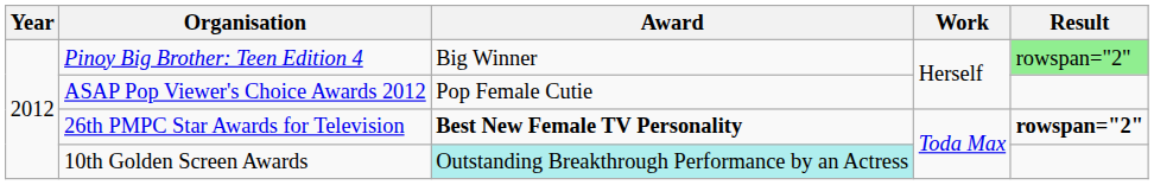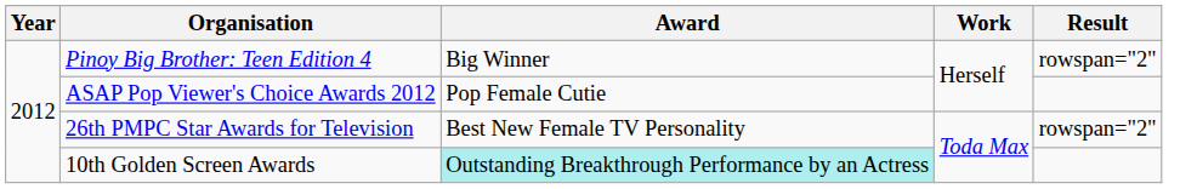 <table class="wikitable plainrowheaders" style="text-align:left;">
 <tr>
 <th>Year</th>
 <th>Organisation</th>
 <th>Award</th>
 <th>Work</th>
 <th>Result</th>
 </tr>
 <tr>
 <td rowspan=4>2012</td>
 <td><em><a href='#'>Pinoy Big Brother: Teen Edition 4</a></em></td>
 <td>Big Winner</td>
 <td rowspan="2">Herself</td>
-<td style="background: lightgreen;">rowspan="2" </td>
+<td>rowspan="2" </td>
 </tr>
 <tr>
 <td><a href='#'>ASAP Pop Viewer's Choice Awards 2012</a></td>
 <td>Pop Female Cutie</td>
 </tr>
 <tr>
 <td><a href='#'>26th PMPC Star Awards for Television</a></td>
-<td><strong>Best New Female TV Personality</strong></td>
+<td>Best New Female TV Personality</td>
 <td rowspan="2"><em><a href='#'>Toda Max</a></em></td>
-<td><strong>rowspan="2" </strong></td>
+<td>rowspan="2" </td>
 </tr>
 <tr>
 <td>10th Golden Screen Awards</td>
 <td style="background: paleturquoise;">Outstanding Breakthrough Performance by an Actress</td>
 </tr>
 </table>
